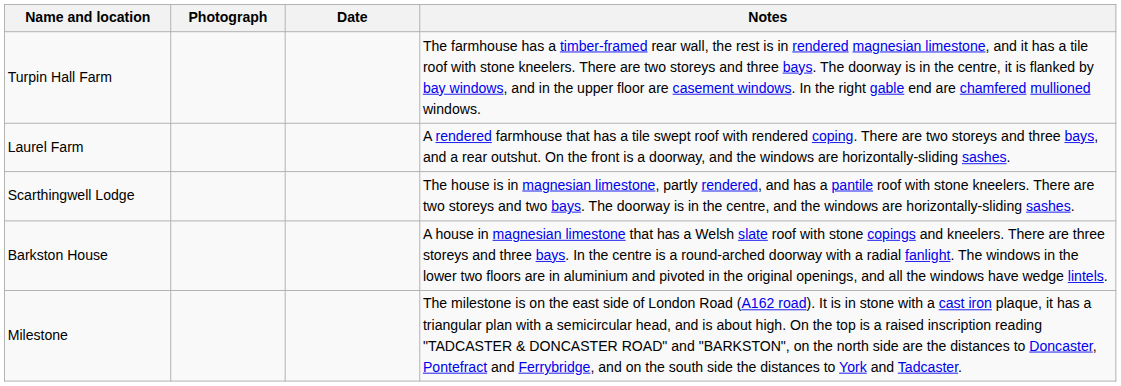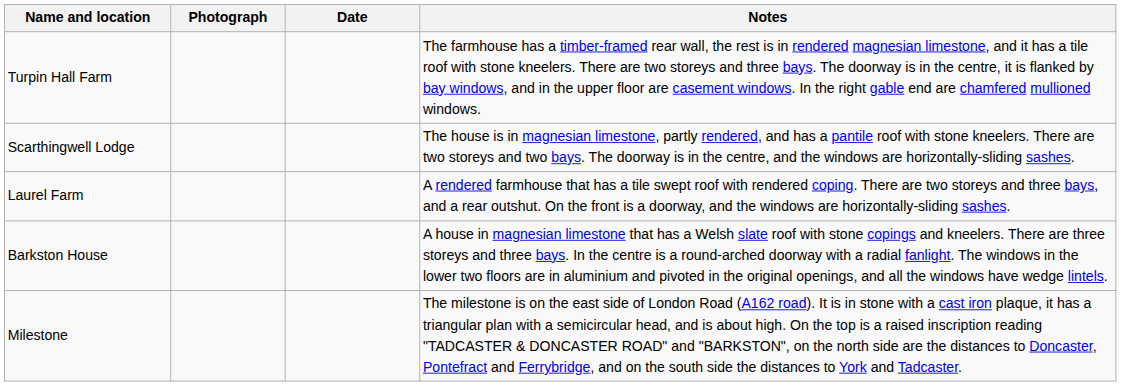 <table class="wikitable sortable plainrowheaders" style="width:100%;border:0px;text-align:left;line-height:150%;">
 <tr>
 <th scope="col"  style="width:150px">Name and location</th>
 <th scope="col"  style="width:100px" class="unsortable">Photograph</th>
 <th scope="col"  style="width:120px">Date</th>
 <th scope="col"  style="width:650px" class="unsortable">Notes</th>
 </tr>
 <tr>
 <td>Turpin Hall Farm<br><small></small></td>
 <td></td>
 <td align="center"></td>
 <td>The farmhouse has a <a href='#'>timber-framed</a> rear wall, the rest is in <a href='#'>rendered</a> <a href='#'>magnesian limestone</a>, and it has a tile roof with stone kneelers.  There are two storeys and three <a href='#'>bays</a>.  The doorway is in the centre, it is flanked by <a href='#'>bay windows</a>, and in the upper floor are <a href='#'>casement windows</a>.  In the right <a href='#'>gable</a> end are <a href='#'>chamfered</a> <a href='#'>mullioned</a> windows.</td>
 </tr>
 <tr>
+<td>Scarthingwell Lodge<br><small></small></td>
+<td></td>
+<td align="center"></td>
+<td>The house is in <a href='#'>magnesian limestone</a>, partly <a href='#'>rendered</a>, and has a <a href='#'>pantile</a> roof with stone kneelers.  There are two storeys and two <a href='#'>bays</a>.  The doorway is in the centre, and the windows are horizontally-sliding <a href='#'>sashes</a>.</td>
+</tr>
+<tr>
 <td>Laurel Farm<br><small></small></td>
 <td></td>
 <td align="center"></td>
 <td>A <a href='#'>rendered</a> farmhouse that has a tile swept roof with rendered <a href='#'>coping</a>.  There are two storeys and three <a href='#'>bays</a>, and a rear outshut.  On the front is a doorway, and the windows are horizontally-sliding <a href='#'>sashes</a>.</td>
-</tr>
-<tr>
-<td>Scarthingwell Lodge<br><small></small></td>
-<td></td>
-<td align="center"></td>
-<td>The house is in <a href='#'>magnesian limestone</a>, partly <a href='#'>rendered</a>, and has a <a href='#'>pantile</a> roof with stone kneelers.  There are two storeys and two <a href='#'>bays</a>.  The doorway is in the centre, and the windows are horizontally-sliding <a href='#'>sashes</a>.</td>
 </tr>
 <tr>
 <td>Barkston House<br><small></small></td>
 <td></td>
 <td align="center"></td>
 <td>A house in <a href='#'>magnesian limestone</a> that has a Welsh <a href='#'>slate</a> roof with stone <a href='#'>copings</a> and kneelers.  There are three storeys and three <a href='#'>bays</a>.  In the centre is a round-arched doorway with a radial <a href='#'>fanlight</a>.  The windows in the lower two floors are in aluminium and pivoted in the original openings, and all the windows have wedge <a href='#'>lintels</a>.</td>
 </tr>
 <tr>
 <td>Milestone<br><small></small></td>
 <td></td>
 <td align="center"></td>
 <td>The milestone is on the east side of London Road (<a href='#'>A162 road</a>).  It is in stone with a <a href='#'>cast iron</a> plaque, it has a triangular plan with a semicircular head, and is about  high.  On the top is a raised inscription reading "TADCASTER & DONCASTER ROAD" and "BARKSTON", on the north side are the distances to <a href='#'>Doncaster</a>, <a href='#'>Pontefract</a> and <a href='#'>Ferrybridge</a>, and on the south side the distances to <a href='#'>York</a> and <a href='#'>Tadcaster</a>.</td>
 </tr>
 <tr>
 </tr>
 </table>
